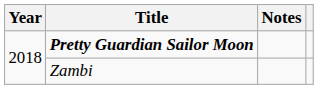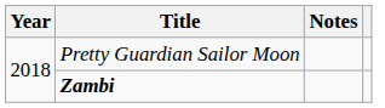 <table class="wikitable">
 <tr>
 <th>Year</th>
 <th>Title</th>
 <th>Notes</th>
 <th></th>
 </tr>
 <tr>
 <td rowspan="2">2018</td>
-<td><strong><em>Pretty Guardian Sailor Moon</em></strong></td>
+<td><em>Pretty Guardian Sailor Moon</em></td>
 <td></td>
 <td></td>
 </tr>
 <tr>
-<td><em>Zambi</em></td>
+<td><strong><em>Zambi</em></strong></td>
 <td></td>
 <td></td>
 </tr>
 </table>
